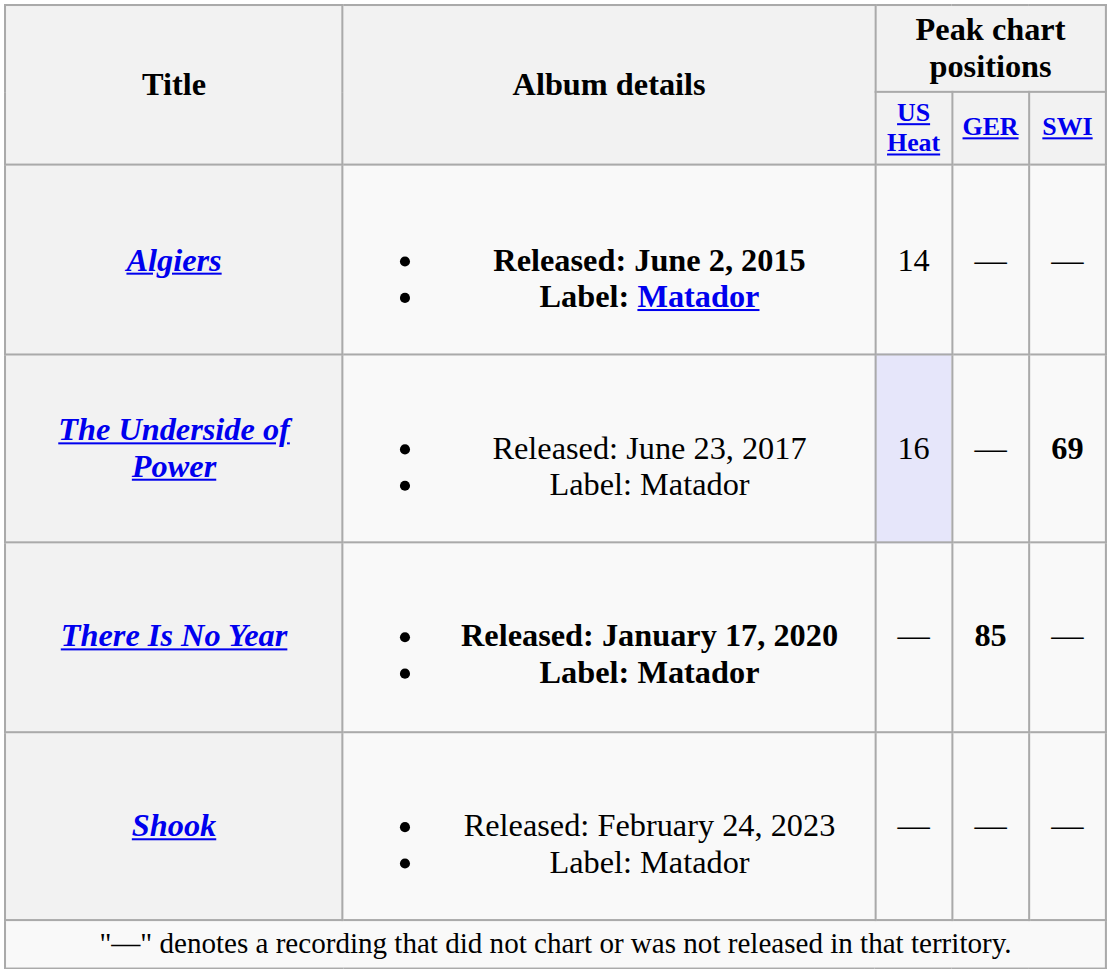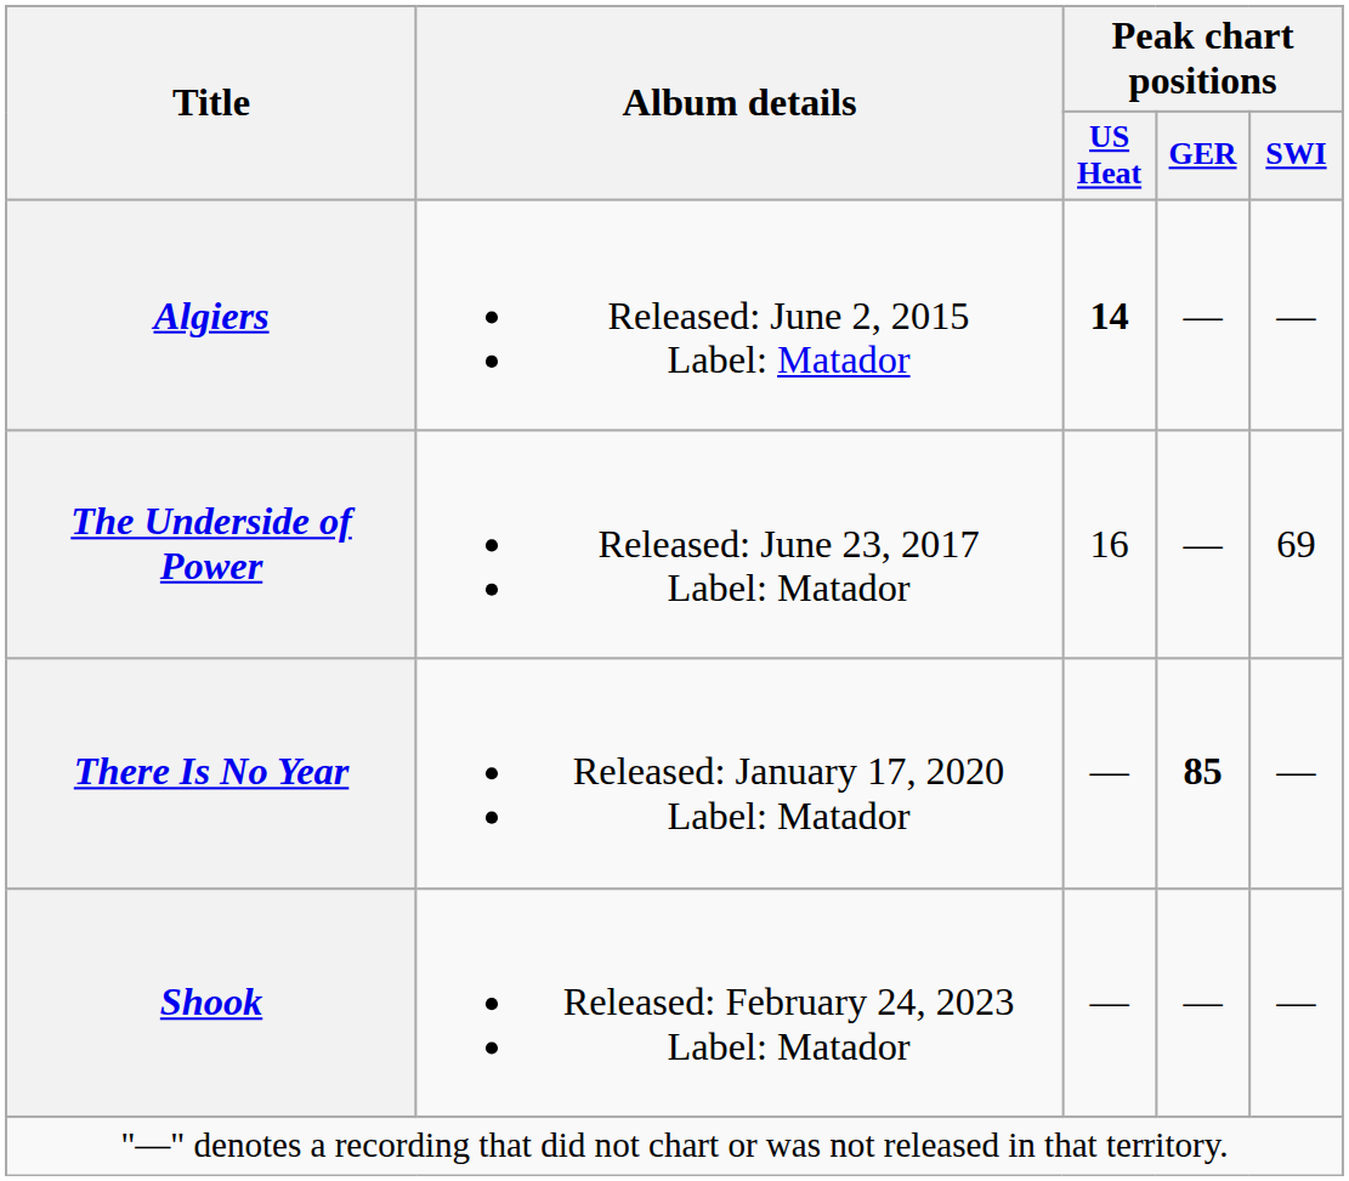 <table class="wikitable plainrowheaders" style="text-align:center;">
 <tr>
 <th scope="col" rowspan="2" style="width:10em;">Title</th>
 <th scope="col" rowspan="2" style="width:16em;">Album details</th>
 <th scope="col" colspan="3">Peak chart positions</th>
 </tr>
 <tr>
 <th scope="col" style="width:2.5em;font-size:80%;"><a href='#'>US<br>Heat</a><br></th>
 <th scope="col" style="width:2.5em;font-size:80%;"><a href='#'>GER</a><br></th>
 <th scope="col" style="width:2.5em;font-size:80%;"><a href='#'>SWI</a><br></th>
 </tr>
 <tr>
 <th scope="row"><em><a href='#'>Algiers</a></em></th>
-<td><strong><br><ul><li>Released: June 2, 2015</li><li>Label: <a href='#'>Matador</a></li></ul></strong></td>
-<td>14</td>
+<td><br><ul><li>Released: June 2, 2015</li><li>Label: <a href='#'>Matador</a></li></ul></td>
+<td><strong>14</strong></td>
 <td>—</td>
 <td>—</td>
 </tr>
 <tr>
 <th scope="row"><em><a href='#'>The Underside of Power</a></em></th>
 <td><br><ul><li>Released: June 23, 2017</li><li>Label: Matador</li></ul></td>
-<td style="background: lavender;">16</td>
+<td>16</td>
 <td>—</td>
-<td><strong>69</strong></td>
+<td>69</td>
 </tr>
 <tr>
 <th scope="row"><em><a href='#'>There Is No Year</a></em></th>
-<td><strong><br><ul><li>Released: January 17, 2020</li><li>Label: Matador</li></ul></strong></td>
+<td><br><ul><li>Released: January 17, 2020</li><li>Label: Matador</li></ul></td>
 <td>—</td>
 <td><strong>85</strong></td>
 <td>—</td>
 </tr>
 <tr>
 <th scope="row"><em><a href='#'>Shook</a></em></th>
 <td><br><ul><li>Released: February 24, 2023</li><li>Label: Matador</li></ul></td>
 <td>—</td>
 <td>—</td>
 <td>—</td>
 </tr>
 <tr>
 <td colspan="10" style="font-size:90%">"—" denotes a recording that did not chart or was not released in that territory.</td>
 </tr>
 </table>
